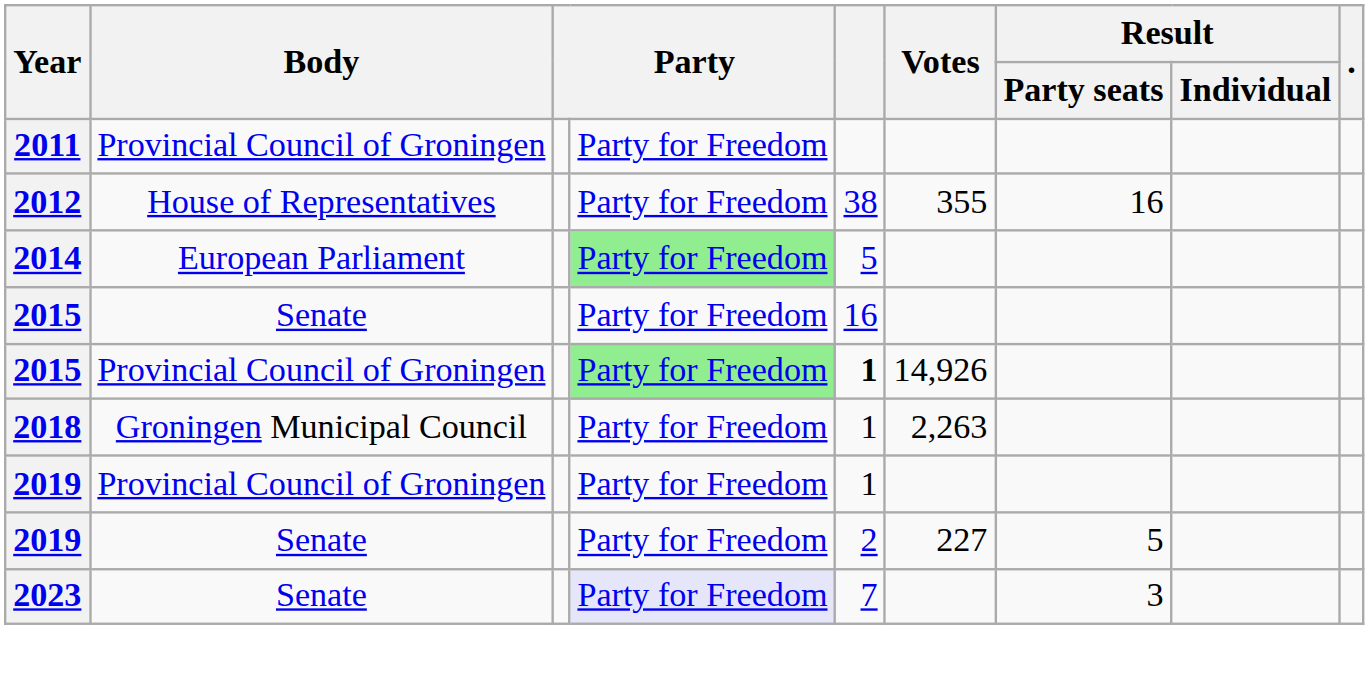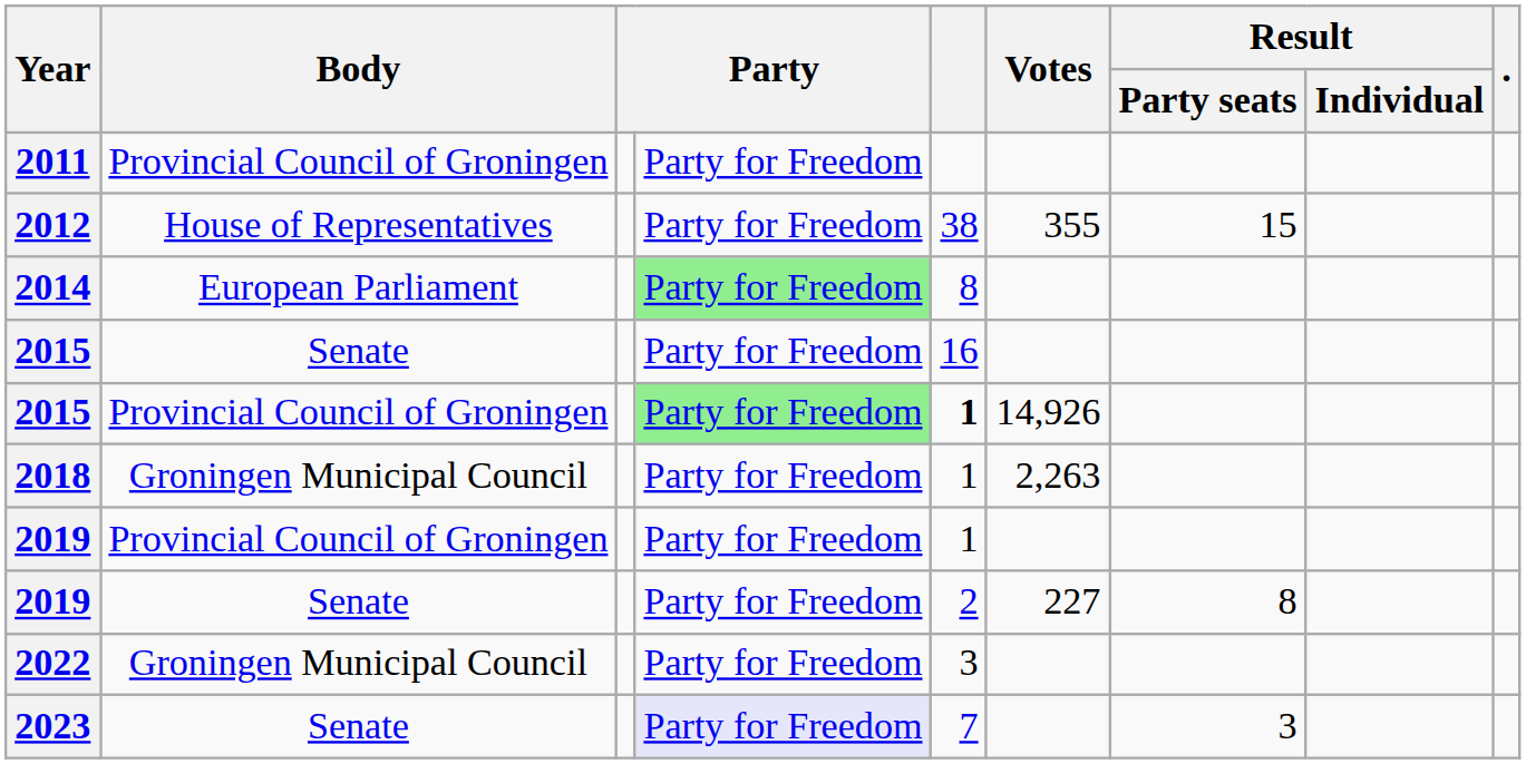 <table class="wikitable plainrowheaders sortable" border=2 cellpadding=4 cellspacing=0 style="border: 1px #aaa solid; font-size: 90%; text-align:center;">
 <tr>
 <th scope="col" rowspan=2>Year</th>
 <th scope="col" rowspan=2>Body</th>
 <th scope="col" colspan=2 rowspan=2>Party</th>
 <th scope="col" rowspan=2></th>
 <th scope="col" rowspan=2>Votes</th>
 <th scope="colgroup" colspan=2>Result</th>
 <th scope="col" rowspan=2 class="unsortable">.</th>
 </tr>
 <tr>
 <th scope="col">Party seats</th>
 <th scope="col">Individual</th>
 </tr>
 <tr>
 <th scope="row"><a href='#'>2011</a></th>
 <td><a href='#'>Provincial Council of Groningen</a></td>
 <td style="background-color:"></td>
 <td><a href='#'>Party for Freedom</a></td>
 <td style=text-align:right></td>
 <td style=text-align:right></td>
 <td style=text-align:right></td>
 <td></td>
 <td></td>
 </tr>
 <tr>
 <th scope="row"><a href='#'>2012</a></th>
 <td><a href='#'>House of Representatives</a></td>
 <td style="background-color:"></td>
 <td><a href='#'>Party for Freedom</a></td>
 <td style=text-align:right><a href='#'>38</a></td>
 <td style=text-align:right>355</td>
-<td style=text-align:right>16</td>
+<td style=text-align:right>15</td>
 <td></td>
 <td></td>
 </tr>
 <tr>
 <th scope="row"><a href='#'>2014</a></th>
 <td><a href='#'>European Parliament</a></td>
 <td style="background-color:"></td>
 <td style="background: lightgreen;"><a href='#'>Party for Freedom</a></td>
-<td style=text-align:right><a href='#'>5</a></td>
+<td style=text-align:right><a href='#'>8</a></td>
 <td style=text-align:right></td>
 <td style=text-align:right></td>
 <td></td>
 <td></td>
 </tr>
 <tr>
 <th scope="row"><a href='#'>2015</a></th>
 <td><a href='#'>Senate</a></td>
 <td style="background-color:"></td>
 <td><a href='#'>Party for Freedom</a></td>
 <td style=text-align:right><a href='#'>16</a></td>
 <td style=text-align:right></td>
 <td style=text-align:right></td>
 <td></td>
 <td></td>
 </tr>
 <tr>
 <th scope="row"><a href='#'>2015</a></th>
 <td><a href='#'>Provincial Council of Groningen</a></td>
 <td style="background-color:"></td>
 <td style="background: lightgreen;"><a href='#'>Party for Freedom</a></td>
 <td style=text-align:right><strong>1</strong></td>
 <td style=text-align:right>14,926</td>
 <td style=text-align:right></td>
 <td></td>
 <td></td>
 </tr>
 <tr>
 <th scope="row"><a href='#'>2018</a></th>
 <td><a href='#'>Groningen</a> Municipal Council</td>
 <td style="background-color:"></td>
 <td><a href='#'>Party for Freedom</a></td>
 <td style=text-align:right>1</td>
 <td style=text-align:right>2,263</td>
 <td style=text-align:right></td>
 <td></td>
 <td></td>
 </tr>
 <tr>
 <th scope="row"><a href='#'>2019</a></th>
 <td><a href='#'>Provincial Council of Groningen</a></td>
 <td style="background-color:"></td>
 <td><a href='#'>Party for Freedom</a></td>
 <td style=text-align:right>1</td>
 <td style=text-align:right></td>
 <td style=text-align:right></td>
 <td></td>
 <td></td>
 </tr>
 <tr>
 <th scope="row"><a href='#'>2019</a></th>
 <td><a href='#'>Senate</a></td>
 <td style="background-color:"></td>
 <td><a href='#'>Party for Freedom</a></td>
 <td style=text-align:right><a href='#'>2</a></td>
 <td style=text-align:right>227</td>
-<td style=text-align:right>5</td>
+<td style=text-align:right>8</td>
+<td></td>
+<td></td>
+</tr>
+<tr>
+<th scope="row"><a href='#'>2022</a></th>
+<td><a href='#'>Groningen</a> Municipal Council</td>
+<td style="background-color:"></td>
+<td><a href='#'>Party for Freedom</a></td>
+<td style=text-align:right>3</td>
+<td style=text-align:right></td>
+<td style=text-align:right></td>
 <td></td>
 <td></td>
 </tr>
 <tr>
 <th scope="row"><a href='#'>2023</a></th>
 <td><a href='#'>Senate</a></td>
 <td style="background-color:"></td>
 <td style="background: lavender;"><a href='#'>Party for Freedom</a></td>
 <td style=text-align:right><a href='#'>7</a></td>
 <td style=text-align:right></td>
 <td style=text-align:right>3</td>
 <td></td>
 <td></td>
 </tr>
 </table>
